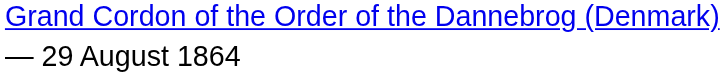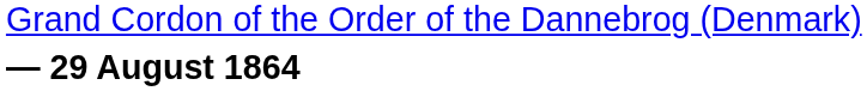 <table>
 <tr>
 <td rowspan=2 style="width:60px; vertical-align:top;"></td>
 <td><a href='#'>Grand Cordon of the Order of the Dannebrog (Denmark)</a></td>
 </tr>
 <tr>
-<td>— 29 August 1864</td>
+<td><strong>— 29 August 1864</strong></td>
 </tr>
 </table>
